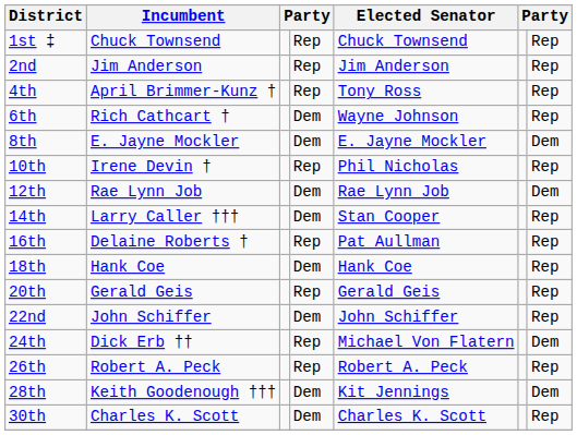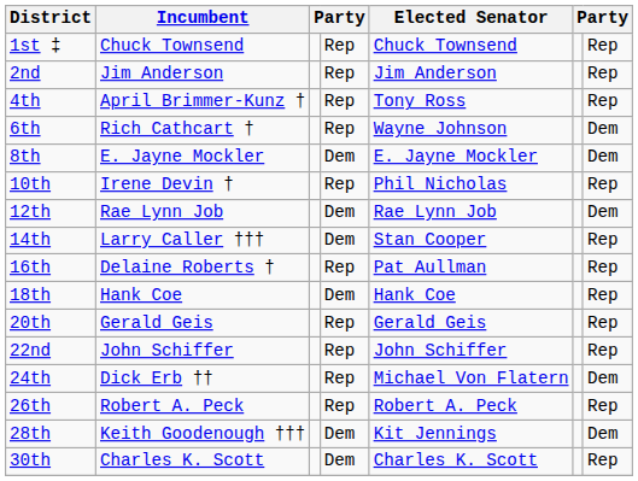 <table class="sortable wikitable" style="font-size:95%;line-height:14px;">
 <tr>
 <th class="unsortable">District</th>
 <th class="unsortable"><a href='#'>Incumbent</a></th>
 <th colspan="2">Party</th>
 <th class="unsortable">Elected Senator</th>
 <th colspan="2">Party</th>
 </tr>
 <tr>
 <td><a href='#'>1st</a> ‡</td>
 <td><a href='#'>Chuck Townsend</a></td>
 <td style="background:"></td>
 <td>Rep</td>
 <td><a href='#'>Chuck Townsend</a></td>
 <td style="background:"></td>
 <td>Rep</td>
 </tr>
 <tr>
 <td><a href='#'>2nd</a></td>
 <td><a href='#'>Jim Anderson</a></td>
 <td style="background:"></td>
 <td>Rep</td>
 <td><a href='#'>Jim Anderson</a></td>
 <td style="background:"></td>
 <td>Rep</td>
 </tr>
 <tr>
 <td><a href='#'>4th</a></td>
 <td><a href='#'>April Brimmer-Kunz</a> †</td>
 <td style="background:"></td>
 <td>Rep</td>
 <td><a href='#'>Tony Ross</a></td>
 <td style="background:"></td>
 <td>Rep</td>
 </tr>
 <tr>
 <td><a href='#'>6th</a></td>
 <td><a href='#'>Rich Cathcart</a> †</td>
 <td style="background:"></td>
-<td>Dem</td>
+<td>Rep</td>
 <td><a href='#'>Wayne Johnson</a></td>
 <td style="background:"></td>
-<td>Rep</td>
+<td>Dem</td>
 </tr>
 <tr>
 <td><a href='#'>8th</a></td>
 <td><a href='#'>E. Jayne Mockler</a></td>
 <td style="background:"></td>
 <td>Dem</td>
 <td><a href='#'>E. Jayne Mockler</a></td>
 <td style="background:"></td>
 <td>Dem</td>
 </tr>
 <tr>
 <td><a href='#'>10th</a></td>
 <td><a href='#'>Irene Devin</a> †</td>
 <td style="background:"></td>
 <td>Rep</td>
 <td><a href='#'>Phil Nicholas</a></td>
 <td style="background:"></td>
 <td>Rep</td>
 </tr>
 <tr>
 <td><a href='#'>12th</a></td>
 <td><a href='#'>Rae Lynn Job</a></td>
 <td style="background:"></td>
 <td>Dem</td>
 <td><a href='#'>Rae Lynn Job</a></td>
 <td style="background:"></td>
 <td>Dem</td>
 </tr>
 <tr>
 <td><a href='#'>14th</a></td>
 <td><a href='#'>Larry Caller</a> †††</td>
 <td style="background:"></td>
 <td>Dem</td>
 <td><a href='#'>Stan Cooper</a></td>
 <td style="background:"></td>
 <td>Rep</td>
 </tr>
 <tr>
 <td><a href='#'>16th</a></td>
 <td><a href='#'>Delaine Roberts</a> †</td>
 <td style="background:"></td>
 <td>Rep</td>
 <td><a href='#'>Pat Aullman</a></td>
 <td style="background:"></td>
 <td>Rep</td>
 </tr>
 <tr>
 <td><a href='#'>18th</a></td>
 <td><a href='#'>Hank Coe</a></td>
 <td style="background:"></td>
 <td>Dem</td>
 <td><a href='#'>Hank Coe</a></td>
 <td style="background:"></td>
 <td>Rep</td>
 </tr>
 <tr>
 <td><a href='#'>20th</a></td>
 <td><a href='#'>Gerald Geis</a></td>
 <td style="background:"></td>
 <td>Rep</td>
 <td><a href='#'>Gerald Geis</a></td>
 <td style="background:"></td>
 <td>Rep</td>
 </tr>
 <tr>
 <td><a href='#'>22nd</a></td>
 <td><a href='#'>John Schiffer</a></td>
 <td style="background:"></td>
-<td>Dem</td>
+<td>Rep</td>
 <td><a href='#'>John Schiffer</a></td>
 <td style="background:"></td>
 <td>Rep</td>
 </tr>
 <tr>
 <td><a href='#'>24th</a></td>
 <td><a href='#'>Dick Erb</a> ††</td>
 <td style="background:"></td>
 <td>Rep</td>
 <td><a href='#'>Michael Von Flatern</a></td>
 <td style="background:"></td>
 <td>Dem</td>
 </tr>
 <tr>
 <td><a href='#'>26th</a></td>
 <td><a href='#'>Robert A. Peck</a></td>
 <td style="background:"></td>
 <td>Rep</td>
 <td><a href='#'>Robert A. Peck</a></td>
 <td style="background:"></td>
 <td>Rep</td>
 </tr>
 <tr>
 <td><a href='#'>28th</a></td>
 <td><a href='#'>Keith Goodenough</a> †††</td>
 <td style="background:"></td>
 <td>Dem</td>
 <td><a href='#'>Kit Jennings</a></td>
 <td style="background:"></td>
 <td>Dem</td>
 </tr>
 <tr>
 <td><a href='#'>30th</a></td>
 <td><a href='#'>Charles K. Scott</a></td>
 <td style="background:"></td>
 <td>Dem</td>
 <td><a href='#'>Charles K. Scott</a></td>
 <td style="background:"></td>
 <td>Rep</td>
 </tr>
 <tr>
 </tr>
 </table>
